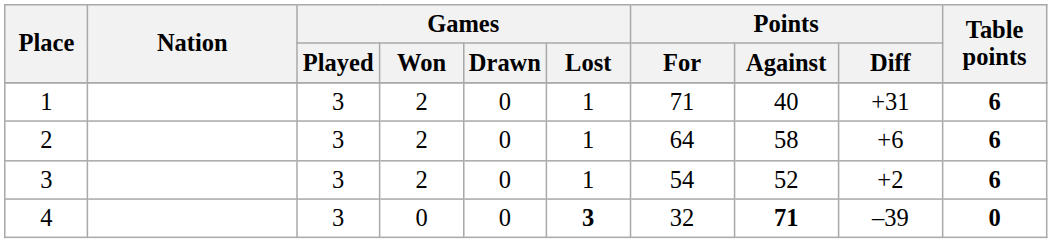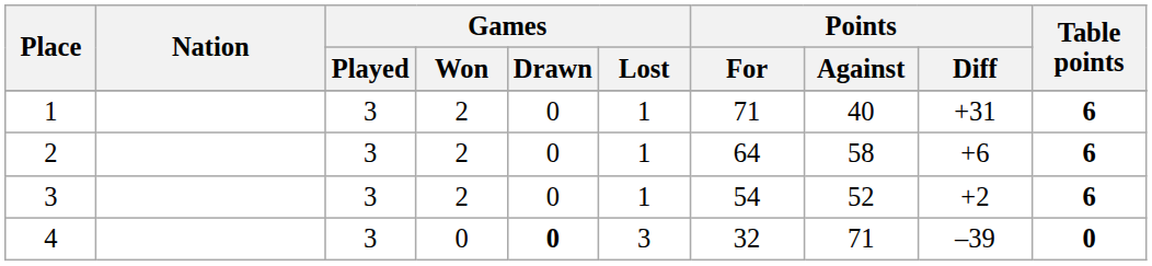 <table class="wikitable">
 <tr>
 <th rowspan=2 width="8%">Place</th>
 <th rowspan=2 width="20%">Nation</th>
 <th colspan=4 width="32%">Games</th>
 <th colspan=3 width="30%">Points</th>
 <th rowspan=2 width="10%">Table<br>points</th>
 </tr>
 <tr>
 <th width="8%">Played</th>
 <th width="8%">Won</th>
 <th width="8%">Drawn</th>
 <th width="8%">Lost</th>
 <th width="10%">For</th>
 <th width="10%">Against</th>
 <th width="10%">Diff</th>
 </tr>
 <tr>
 </tr>
 <tr bgcolor=#ffffff align=center>
 <td>1</td>
 <td align=left></td>
 <td>3</td>
 <td>2</td>
 <td>0</td>
 <td>1</td>
 <td>71</td>
 <td>40</td>
 <td>+31</td>
 <td><strong>6</strong></td>
 </tr>
 <tr bgcolor=#ffffff align=center>
 <td>2</td>
 <td align=left></td>
 <td>3</td>
 <td>2</td>
 <td>0</td>
 <td>1</td>
 <td>64</td>
 <td>58</td>
 <td>+6</td>
 <td><strong>6</strong></td>
 </tr>
 <tr bgcolor=#ffffff align=center>
 <td>3</td>
 <td align=left></td>
 <td>3</td>
 <td>2</td>
 <td>0</td>
 <td>1</td>
 <td>54</td>
 <td>52</td>
 <td>+2</td>
 <td><strong>6</strong></td>
 </tr>
 <tr bgcolor=#ffffff align=center>
 <td>4</td>
 <td align=left></td>
 <td>3</td>
 <td>0</td>
-<td>0</td>
-<td><strong>3</strong></td>
+<td><strong>0</strong></td>
+<td>3</td>
 <td>32</td>
-<td><strong>71</strong></td>
+<td>71</td>
 <td>–39</td>
 <td><strong>0</strong></td>
 </tr>
 </table>
